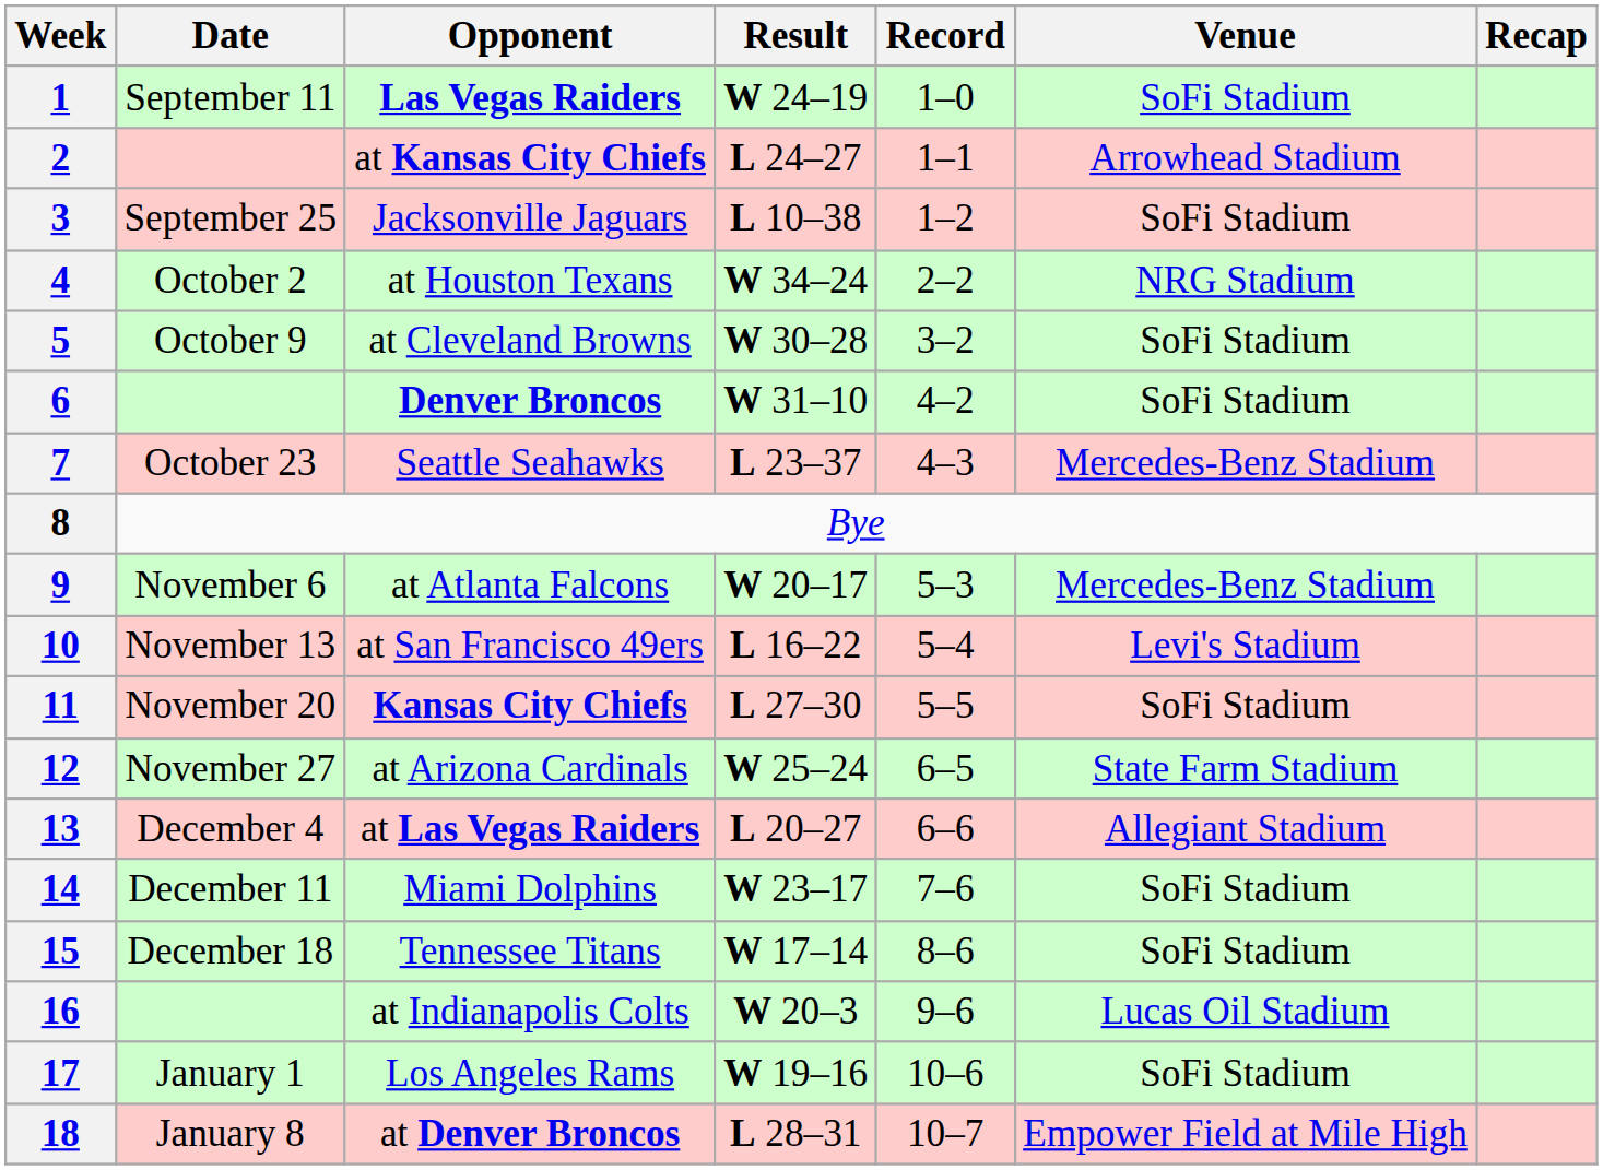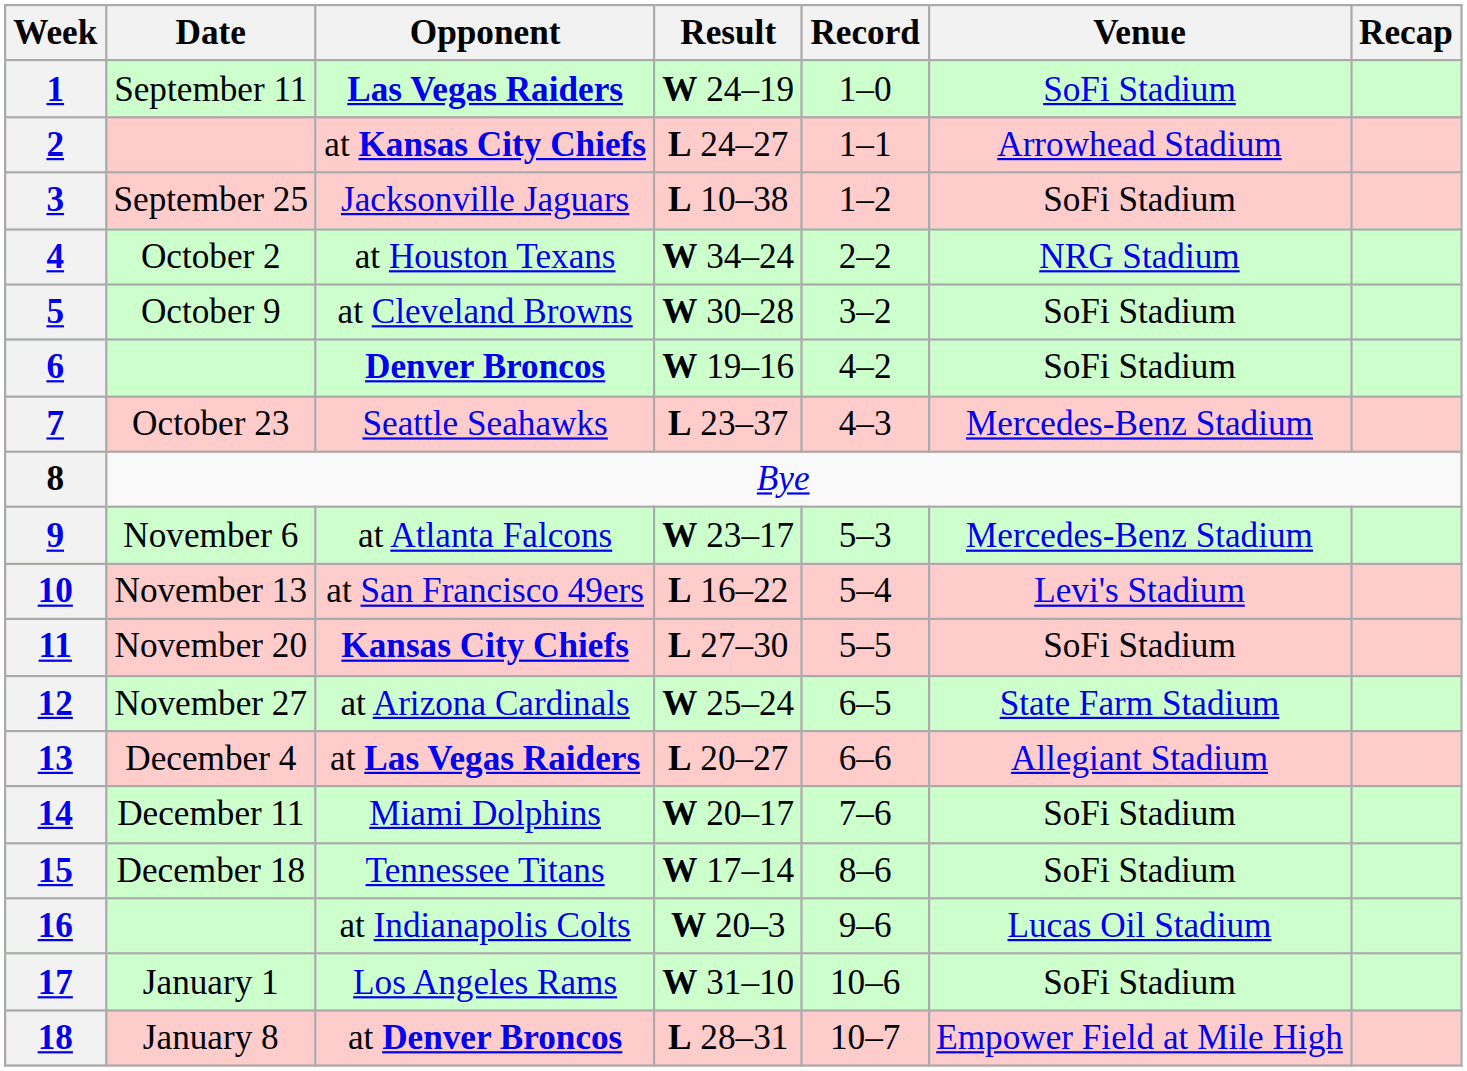 <table class="wikitable" style="text-align:center">
 <tr>
 <th>Week</th>
 <th>Date</th>
 <th>Opponent</th>
 <th>Result</th>
 <th>Record</th>
 <th>Venue</th>
 <th>Recap</th>
 </tr>
 <tr style="background:#cfc">
 <th><a href='#'>1</a></th>
 <td>September 11</td>
 <td><strong><a href='#'>Las Vegas Raiders</a></strong></td>
 <td><strong>W</strong> 24–19</td>
 <td>1–0</td>
 <td><a href='#'>SoFi Stadium</a></td>
 <td></td>
 </tr>
 <tr style="background:#fcc">
 <th><a href='#'>2</a></th>
 <td></td>
 <td>at <strong><a href='#'>Kansas City Chiefs</a></strong></td>
 <td><strong>L</strong> 24–27</td>
 <td>1–1</td>
 <td><a href='#'>Arrowhead Stadium</a></td>
 <td></td>
 </tr>
 <tr style="background:#fcc">
 <th><a href='#'>3</a></th>
 <td>September 25</td>
 <td><a href='#'>Jacksonville Jaguars</a></td>
 <td><strong>L</strong> 10–38</td>
 <td>1–2</td>
 <td>SoFi Stadium</td>
 <td></td>
 </tr>
 <tr style="background:#cfc">
 <th><a href='#'>4</a></th>
 <td>October 2</td>
 <td>at <a href='#'>Houston Texans</a></td>
 <td><strong>W</strong> 34–24</td>
 <td>2–2</td>
 <td><a href='#'>NRG Stadium</a></td>
 <td></td>
 </tr>
 <tr style="background:#cfc">
 <th><a href='#'>5</a></th>
 <td>October 9</td>
 <td>at <a href='#'>Cleveland Browns</a></td>
 <td><strong>W</strong> 30–28</td>
 <td>3–2</td>
 <td>SoFi Stadium</td>
 <td></td>
 </tr>
 <tr style="background:#cfc">
 <th><a href='#'>6</a></th>
 <td></td>
 <td><strong><a href='#'>Denver Broncos</a></strong></td>
-<td><strong>W</strong> 31–10</td>
+<td><strong>W</strong> 19–16 </td>
 <td>4–2</td>
 <td>SoFi Stadium</td>
 <td></td>
 </tr>
 <tr style="background:#fcc">
 <th><a href='#'>7</a></th>
 <td>October 23</td>
 <td><a href='#'>Seattle Seahawks</a></td>
 <td><strong>L</strong> 23–37</td>
 <td>4–3</td>
 <td><a href='#'>Mercedes-Benz Stadium</a></td>
 <td></td>
 </tr>
 <tr>
 <th>8</th>
 <td colspan="6"><em><a href='#'>Bye</a></em></td>
 </tr>
 <tr style="background:#cfc">
 <th><a href='#'>9</a></th>
 <td>November 6</td>
 <td>at <a href='#'>Atlanta Falcons</a></td>
-<td><strong>W</strong> 20–17</td>
+<td><strong>W</strong> 23–17</td>
 <td>5–3</td>
 <td><a href='#'>Mercedes-Benz Stadium</a></td>
 <td></td>
 </tr>
 <tr style="background:#fcc">
 <th><a href='#'>10</a></th>
 <td>November 13</td>
 <td>at <a href='#'>San Francisco 49ers</a></td>
 <td><strong>L</strong> 16–22</td>
 <td>5–4</td>
 <td><a href='#'>Levi's Stadium</a></td>
 <td></td>
 </tr>
 <tr style="background:#fcc">
 <th><a href='#'>11</a></th>
 <td>November 20</td>
 <td><strong><a href='#'>Kansas City Chiefs</a></strong></td>
 <td><strong>L</strong> 27–30</td>
 <td>5–5</td>
 <td>SoFi Stadium</td>
 <td></td>
 </tr>
 <tr style="background:#cfc">
 <th><a href='#'>12</a></th>
 <td>November 27</td>
 <td>at <a href='#'>Arizona Cardinals</a></td>
 <td><strong>W</strong> 25–24</td>
 <td>6–5</td>
 <td><a href='#'>State Farm Stadium</a></td>
 <td></td>
 </tr>
 <tr style="background:#fcc">
 <th><a href='#'>13</a></th>
 <td>December 4</td>
 <td>at <strong><a href='#'>Las Vegas Raiders</a></strong></td>
 <td><strong>L</strong> 20–27</td>
 <td>6–6</td>
 <td><a href='#'>Allegiant Stadium</a></td>
 <td></td>
 </tr>
 <tr style="background:#cfc">
 <th><a href='#'>14</a></th>
 <td>December 11</td>
 <td><a href='#'>Miami Dolphins</a></td>
-<td><strong>W</strong> 23–17</td>
+<td><strong>W</strong> 20–17</td>
 <td>7–6</td>
 <td>SoFi Stadium</td>
 <td></td>
 </tr>
 <tr style="background:#cfc">
 <th><a href='#'>15</a></th>
 <td>December 18</td>
 <td><a href='#'>Tennessee Titans</a></td>
 <td><strong>W</strong> 17–14</td>
 <td>8–6</td>
 <td>SoFi Stadium</td>
 <td></td>
 </tr>
 <tr style="background:#cfc">
 <th><a href='#'>16</a></th>
 <td></td>
 <td>at <a href='#'>Indianapolis Colts</a></td>
 <td><strong>W</strong> 20–3</td>
 <td>9–6</td>
 <td><a href='#'>Lucas Oil Stadium</a></td>
 <td></td>
 </tr>
 <tr style="background:#cfc">
 <th><a href='#'>17</a></th>
 <td>January 1</td>
 <td><a href='#'>Los Angeles Rams</a></td>
-<td><strong>W</strong> 19–16 </td>
+<td><strong>W</strong> 31–10</td>
 <td>10–6</td>
 <td>SoFi Stadium</td>
 <td></td>
 </tr>
 <tr style="background:#fcc">
 <th><a href='#'>18</a></th>
 <td>January 8</td>
 <td>at <strong><a href='#'>Denver Broncos</a></strong></td>
 <td><strong>L</strong> 28–31</td>
 <td>10–7</td>
 <td><a href='#'>Empower Field at Mile High</a></td>
 <td></td>
 </tr>
 </table>
